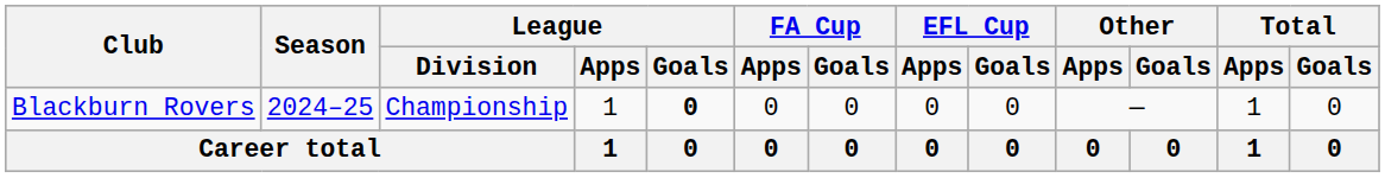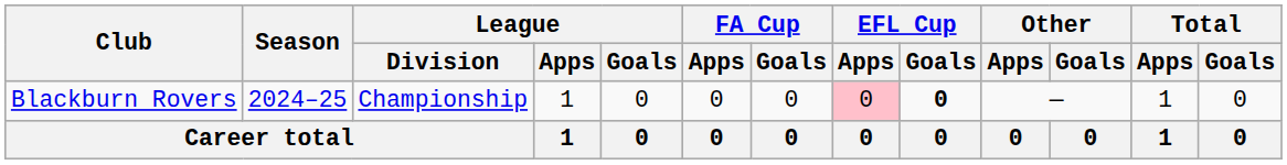 <table class="wikitable" style="text-align: center;">
 <tr>
 <th rowspan="2">Club</th>
 <th rowspan="2">Season</th>
 <th colspan="3">League</th>
 <th colspan="2"><a href='#'>FA Cup</a></th>
 <th colspan="2"><a href='#'>EFL Cup</a></th>
 <th colspan="2">Other</th>
 <th colspan="2">Total</th>
 </tr>
 <tr>
 <th>Division</th>
 <th>Apps</th>
 <th>Goals</th>
 <th>Apps</th>
 <th>Goals</th>
 <th>Apps</th>
 <th>Goals</th>
 <th>Apps</th>
 <th>Goals</th>
 <th>Apps</th>
 <th>Goals</th>
 </tr>
 <tr>
 <td><a href='#'>Blackburn Rovers</a></td>
 <td><a href='#'>2024–25</a></td>
 <td><a href='#'>Championship</a></td>
 <td>1</td>
-<td><strong>0</strong></td>
 <td>0</td>
 <td>0</td>
 <td>0</td>
-<td>0</td>
+<td style="background: pink;">0</td>
+<td><strong>0</strong></td>
 <td colspan=2>—</td>
 <td>1</td>
 <td>0</td>
 </tr>
 <tr>
 <th colspan="3">Career total</th>
 <th>1</th>
 <th>0</th>
 <th>0</th>
 <th>0</th>
 <th>0</th>
 <th>0</th>
 <th>0</th>
 <th>0</th>
 <th>1</th>
 <th>0</th>
 </tr>
 </table>
